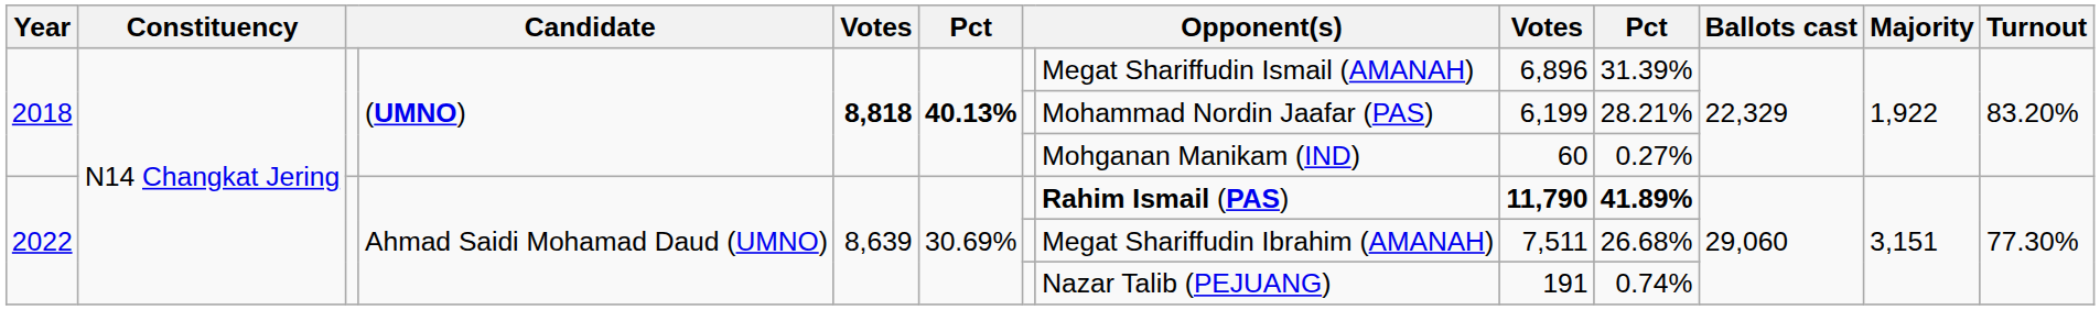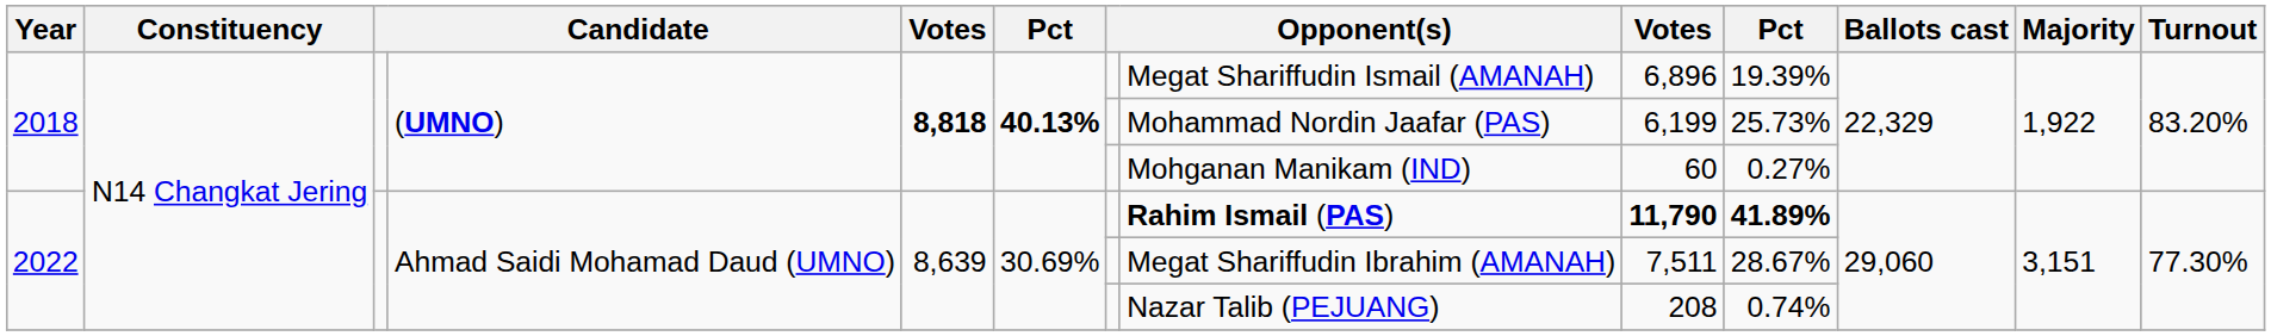 <table class="wikitable" style="margin:0.5em ; font-size:95%">
 <tr>
 <th>Year</th>
 <th>Constituency</th>
 <th colspan=2>Candidate</th>
 <th>Votes</th>
 <th>Pct</th>
 <th colspan=2>Opponent(s)</th>
 <th>Votes</th>
 <th>Pct</th>
 <th>Ballots cast</th>
 <th>Majority</th>
 <th>Turnout</th>
 </tr>
 <tr>
 <td rowspan=3><a href='#'>2018</a></td>
 <td rowspan=6>N14 <a href='#'>Changkat Jering</a></td>
 <td rowspan=3 ></td>
 <td rowspan=3> (<a href='#'><strong>UMNO</strong></a>)</td>
 <td rowspan=3 align="right"><strong>8,818</strong></td>
 <td rowspan=3><strong>40.13%</strong></td>
 <td></td>
 <td>Megat Shariffudin Ismail (<a href='#'>AMANAH</a>)</td>
 <td align="right">6,896</td>
-<td>31.39%</td>
+<td>19.39%</td>
 <td rowspan=3>22,329</td>
 <td rowspan=3>1,922</td>
 <td rowspan=3>83.20%</td>
 </tr>
 <tr>
 <td></td>
 <td>Mohammad Nordin Jaafar (<a href='#'>PAS</a>)</td>
 <td align="right">6,199</td>
-<td>28.21%</td>
+<td>25.73%</td>
 </tr>
 <tr>
 <td></td>
 <td>Mohganan Manikam (<a href='#'>IND</a>)</td>
 <td align="right">60</td>
 <td align="right">0.27%</td>
 </tr>
 <tr>
 <td rowspan=3><a href='#'>2022</a></td>
 <td rowspan=3 ></td>
 <td rowspan=3>Ahmad Saidi Mohamad Daud (<a href='#'>UMNO</a>)</td>
 <td rowspan=3 align="right">8,639</td>
 <td rowspan=3>30.69%</td>
 <td bgcolor=></td>
 <td><strong>Rahim Ismail</strong> (<a href='#'><strong>PAS</strong></a>)</td>
 <td align="right"><strong>11,790</strong></td>
 <td><strong>41.89%</strong></td>
 <td rowspan=3>29,060</td>
 <td rowspan=3>3,151</td>
 <td rowspan=3>77.30%</td>
 </tr>
 <tr>
 <td></td>
 <td>Megat Shariffudin Ibrahim (<a href='#'>AMANAH</a>)</td>
 <td align="right">7,511</td>
-<td>26.68%</td>
+<td>28.67%</td>
 </tr>
 <tr>
 <td bgcolor=></td>
 <td>Nazar Talib (<a href='#'>PEJUANG</a>)</td>
-<td align="right">191</td>
+<td align="right">208</td>
 <td align="right">0.74%</td>
 </tr>
 </table>
